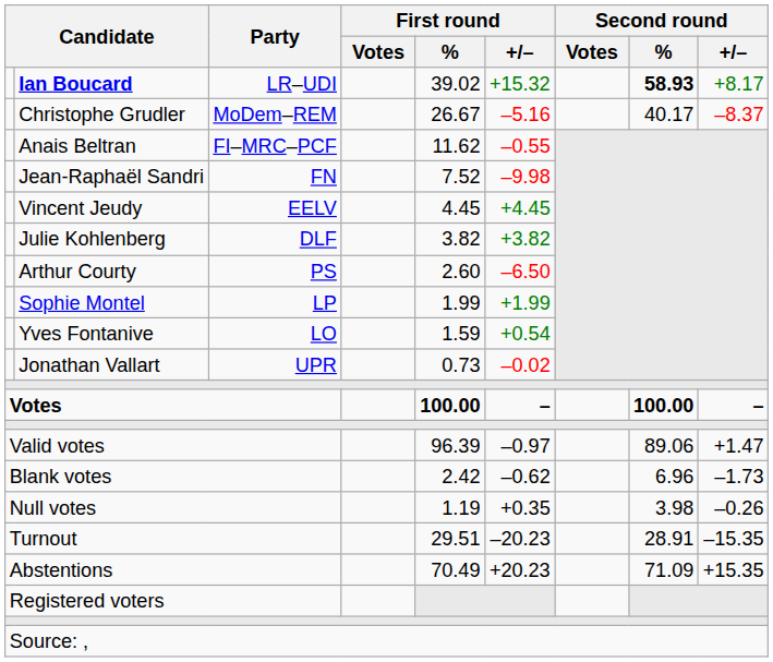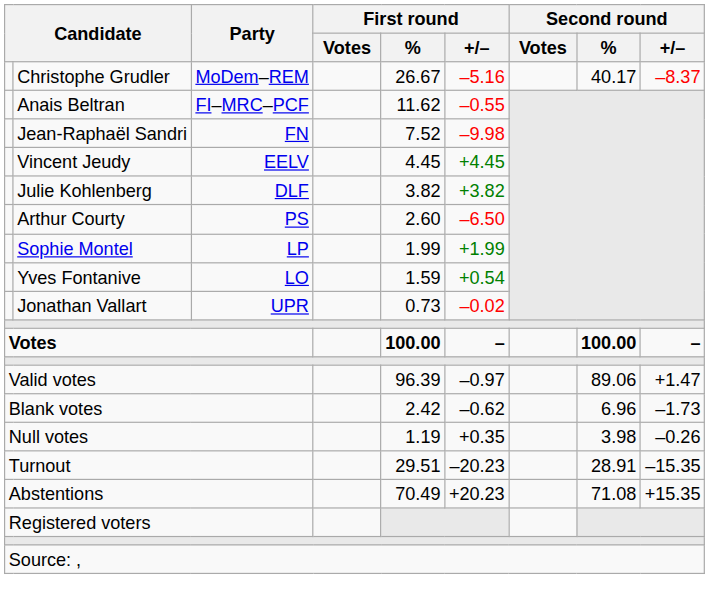 <table class="wikitable" style="text-align:right;font-size:95%;">
 <tr>
 <th rowspan="2" colspan="2">Candidate</th>
 <th rowspan="2">Party</th>
 <th colspan="3">First round</th>
 <th colspan="3">Second round</th>
 </tr>
 <tr>
 <th style="width:50px;">Votes</th>
 <th style="width:45px;">%</th>
 <th style="width:45px;">+/–</th>
 <th style="width:50px;">Votes</th>
 <th style="width:45px;">%</th>
 <th style="width:45px;">+/–</th>
-</tr>
-<tr>
-<td style="color:inherit;background:"></td>
-<td style="text-align:left;"><strong><a href='#'>Ian Boucard</a></strong></td>
-<td><a href='#'>LR</a>–<a href='#'>UDI</a></td>
-<td></td>
-<td>39.02</td>
-<td style="color:green;">+15.32</td>
-<td><strong></strong></td>
-<td><strong>58.93</strong></td>
-<td style="color:green;">+8.17</td>
 </tr>
 <tr>
 <td style="color:inherit;background:"></td>
 <td style="text-align:left;">Christophe Grudler</td>
 <td><a href='#'>MoDem</a>–<a href='#'>REM</a></td>
 <td></td>
 <td>26.67</td>
 <td style="color:red;">–5.16</td>
 <td></td>
 <td>40.17</td>
 <td style="color:red;">–8.37</td>
 </tr>
 <tr>
 <td style="color:inherit;background:"></td>
 <td style="text-align:left;">Anais Beltran</td>
 <td><a href='#'>FI</a>–<a href='#'>MRC</a>–<a href='#'>PCF</a></td>
 <td></td>
 <td>11.62</td>
 <td style="color:red;">–0.55</td>
 <td colspan="3" rowspan="8" style="background:#E9E9E9;"></td>
 </tr>
 <tr>
 <td style="color:inherit;background:"></td>
 <td style="text-align:left;">Jean-Raphaël Sandri</td>
 <td><a href='#'>FN</a></td>
 <td></td>
 <td>7.52</td>
 <td style="color:red;">–9.98</td>
 </tr>
 <tr>
 <td style="color:inherit;background:"></td>
 <td style="text-align:left;">Vincent Jeudy</td>
 <td><a href='#'>EELV</a></td>
 <td></td>
 <td>4.45</td>
 <td style="color:green;">+4.45</td>
 </tr>
 <tr>
 <td style="color:inherit;background:"></td>
 <td style="text-align:left;">Julie Kohlenberg</td>
 <td><a href='#'>DLF</a></td>
 <td></td>
 <td>3.82</td>
 <td style="color:green;">+3.82</td>
 </tr>
 <tr>
 <td style="color:inherit;background:"></td>
 <td style="text-align:left;">Arthur Courty</td>
 <td><a href='#'>PS</a></td>
 <td></td>
 <td>2.60</td>
 <td style="color:red;">–6.50</td>
 </tr>
 <tr>
 <td style="color:inherit;background:"></td>
 <td style="text-align:left;"><a href='#'>Sophie Montel</a></td>
 <td><a href='#'>LP</a></td>
 <td></td>
 <td>1.99</td>
 <td style="color:green;">+1.99</td>
 </tr>
 <tr>
 <td style="color:inherit;background:"></td>
 <td style="text-align:left;">Yves Fontanive</td>
 <td><a href='#'>LO</a></td>
 <td></td>
 <td>1.59</td>
 <td style="color:green;">+0.54</td>
 </tr>
 <tr>
 <td style="color:inherit;background:"></td>
 <td style="text-align:left;">Jonathan Vallart</td>
 <td><a href='#'>UPR</a></td>
 <td></td>
 <td>0.73</td>
 <td style="color:red;">–0.02</td>
 </tr>
 <tr>
 <td colspan="9" style="background:#E9E9E9;"></td>
 </tr>
 <tr style="font-weight:bold;">
 <td colspan="3" style="text-align:left;">Votes</td>
 <td></td>
 <td>100.00</td>
 <td>–</td>
 <td></td>
 <td>100.00</td>
 <td>–</td>
 </tr>
 <tr>
 <td colspan="9" style="background:#E9E9E9;"></td>
 </tr>
 <tr>
 <td colspan="3" style="text-align:left;">Valid votes</td>
 <td></td>
 <td>96.39</td>
 <td>–0.97</td>
 <td></td>
 <td>89.06</td>
 <td>+1.47</td>
 </tr>
 <tr>
 <td colspan="3" style="text-align:left;">Blank votes</td>
 <td></td>
 <td>2.42</td>
 <td>–0.62</td>
 <td></td>
 <td>6.96</td>
 <td>–1.73</td>
 </tr>
 <tr>
 <td colspan="3" style="text-align:left;">Null votes</td>
 <td></td>
 <td>1.19</td>
 <td>+0.35</td>
 <td></td>
 <td>3.98</td>
 <td>–0.26</td>
 </tr>
 <tr>
 <td colspan="3" style="text-align:left;">Turnout</td>
 <td></td>
 <td>29.51</td>
 <td>–20.23</td>
 <td></td>
 <td>28.91</td>
 <td>–15.35</td>
 </tr>
 <tr>
 <td colspan="3" style="text-align:left;">Abstentions</td>
 <td></td>
 <td>70.49</td>
 <td>+20.23</td>
 <td></td>
-<td>71.09</td>
+<td>71.08</td>
 <td>+15.35</td>
 </tr>
 <tr>
 <td colspan="3" style="text-align:left;">Registered voters</td>
 <td></td>
 <td colspan="2" style="background:#E9E9E9;"></td>
 <td></td>
 <td colspan="2" style="background:#E9E9E9;"></td>
 </tr>
 <tr>
 <td colspan="9" style="background:#E9E9E9;"></td>
 </tr>
 <tr>
 <td colspan="9" style="text-align:left;">Source: , </td>
 </tr>
 </table>
